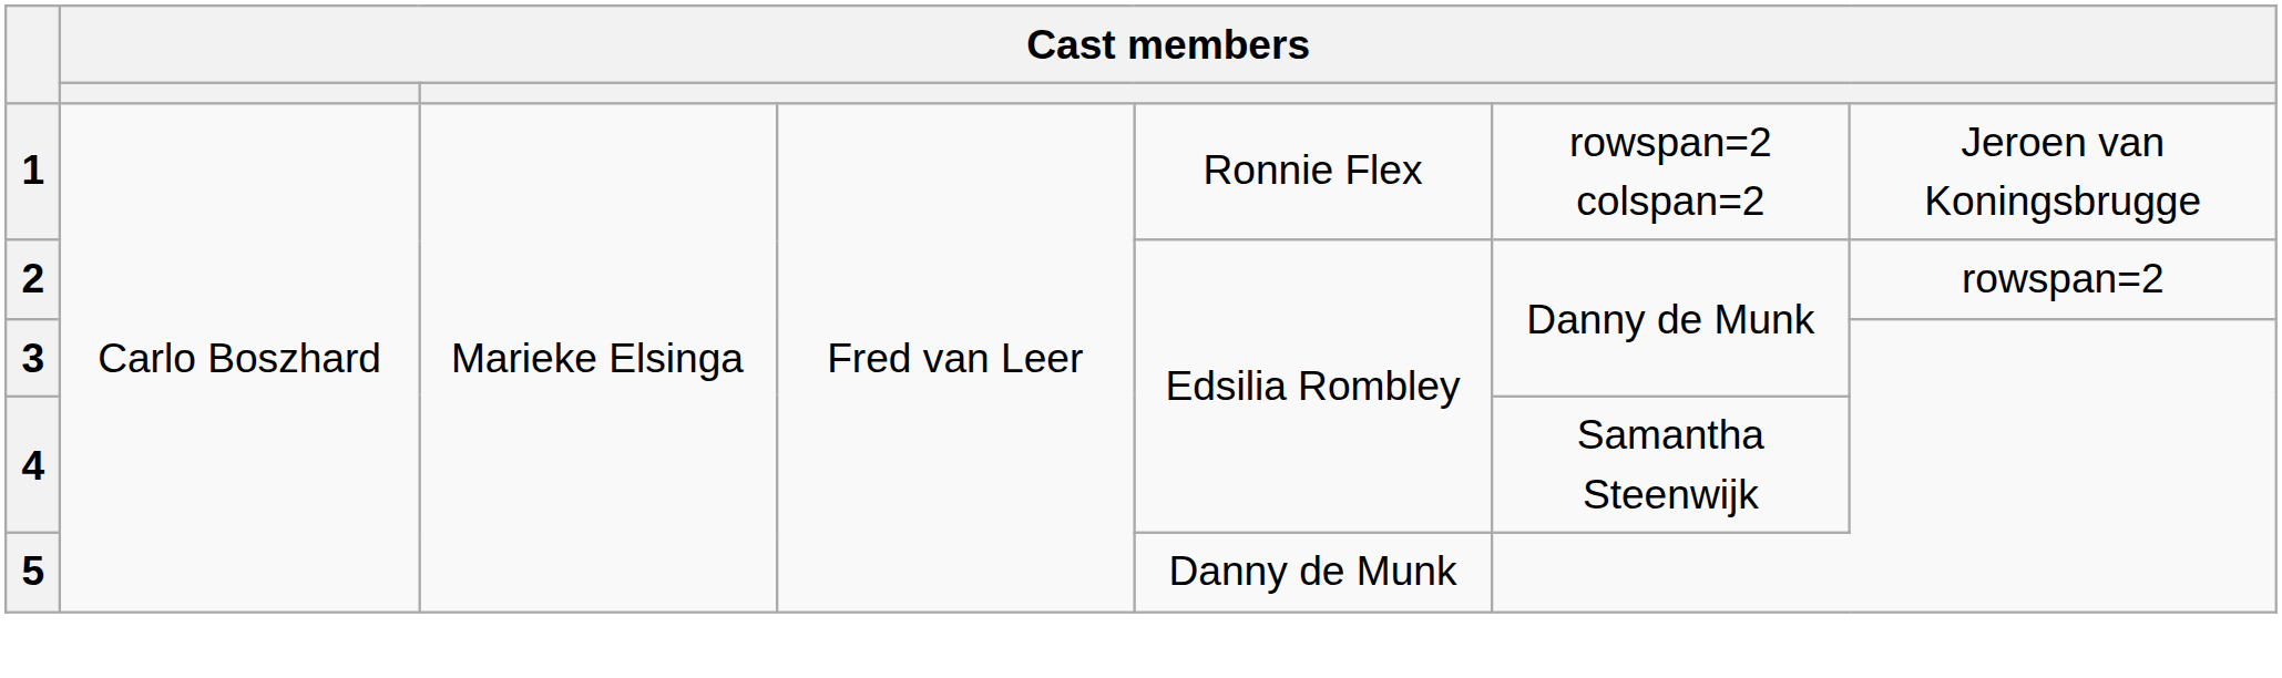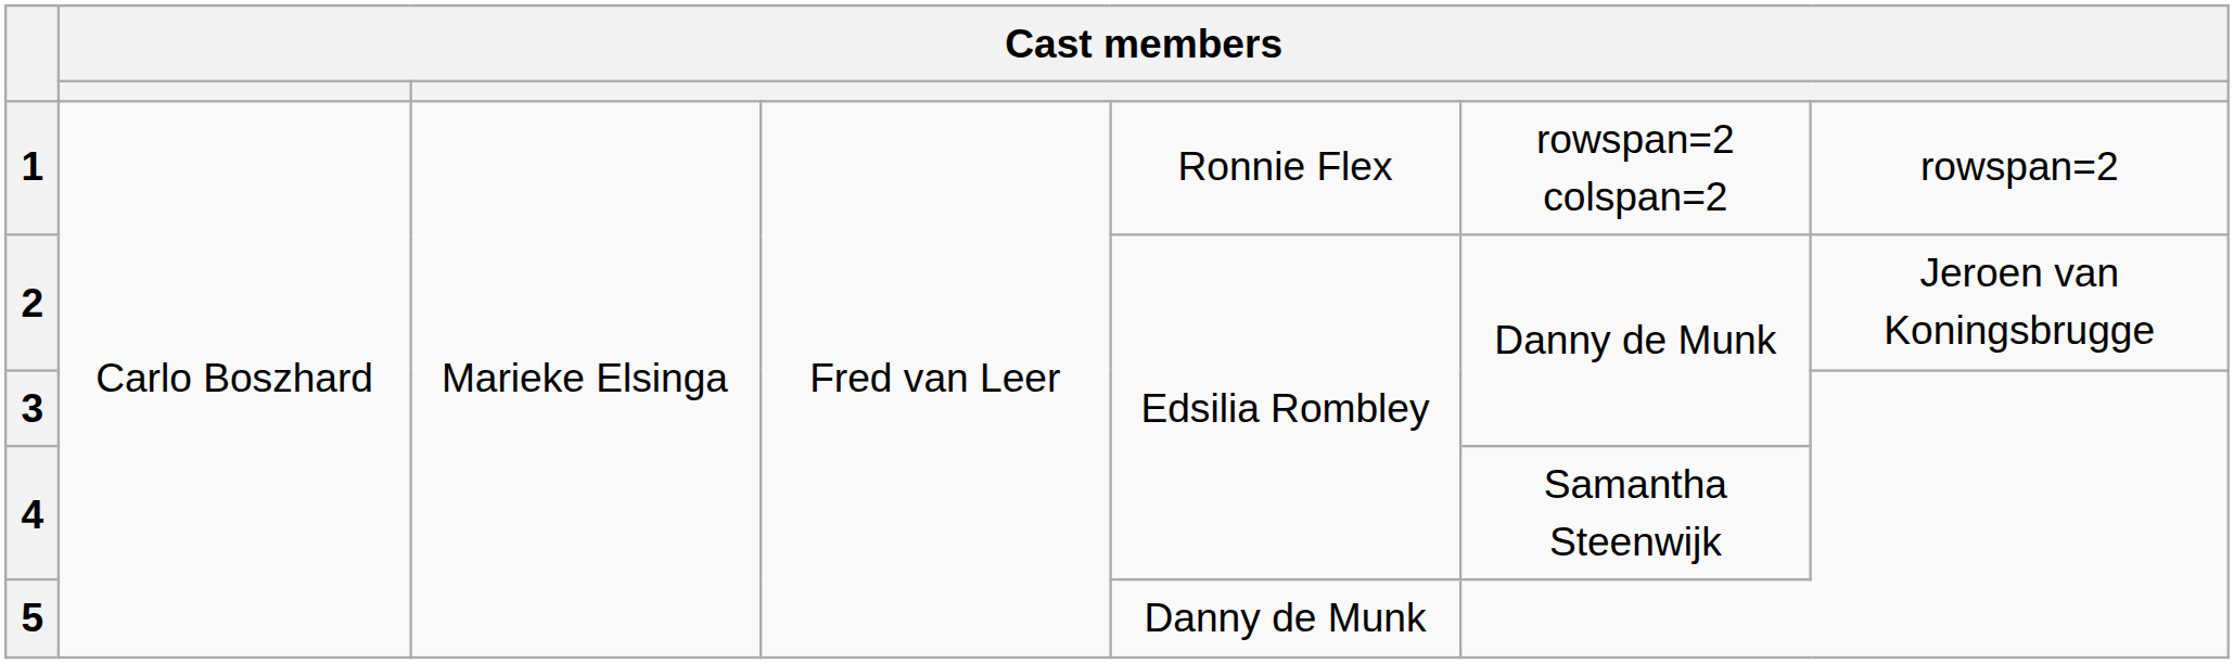 <table class="wikitable plainrowheaders" style="width:100%; text-align:center; line-height:23px;">
 <tr>
 <th rowspan=2 width=1%></th>
 <th colspan=6>Cast members </th>
 </tr>
 <tr>
 <th></th>
 <th colspan=5></th>
 </tr>
 <tr>
 <th>1</th>
 <td rowspan=5 width=10%>Carlo Boszhard</td>
 <td rowspan=5 width=10%>Marieke Elsinga</td>
 <td rowspan=5 width=10%>Fred van Leer</td>
 <td width=10%>Ronnie Flex</td>
 <td>rowspan=2 colspan=2 </td>
-<td width=10%>Jeroen van Koningsbrugge</td>
+<td>rowspan=2 </td>
 </tr>
 <tr>
 <th>2</th>
 <td rowspan=3>Edsilia Rombley</td>
 <td rowspan=2>Danny de Munk</td>
-<td>rowspan=2 </td>
+<td width=10%>Jeroen van Koningsbrugge</td>
 </tr>
 <tr>
 <th>3</th>
 </tr>
 <tr>
 <th>4</th>
 <td width=10%>Samantha Steenwijk</td>
 </tr>
 <tr>
 <th>5</th>
 <td>Danny de Munk</td>
 </tr>
 </table>
